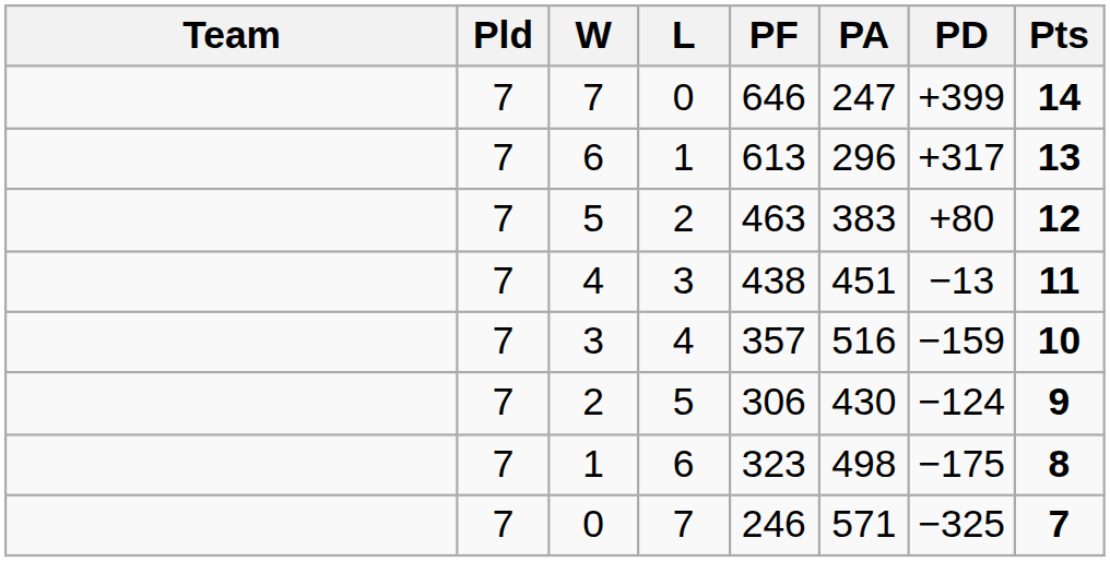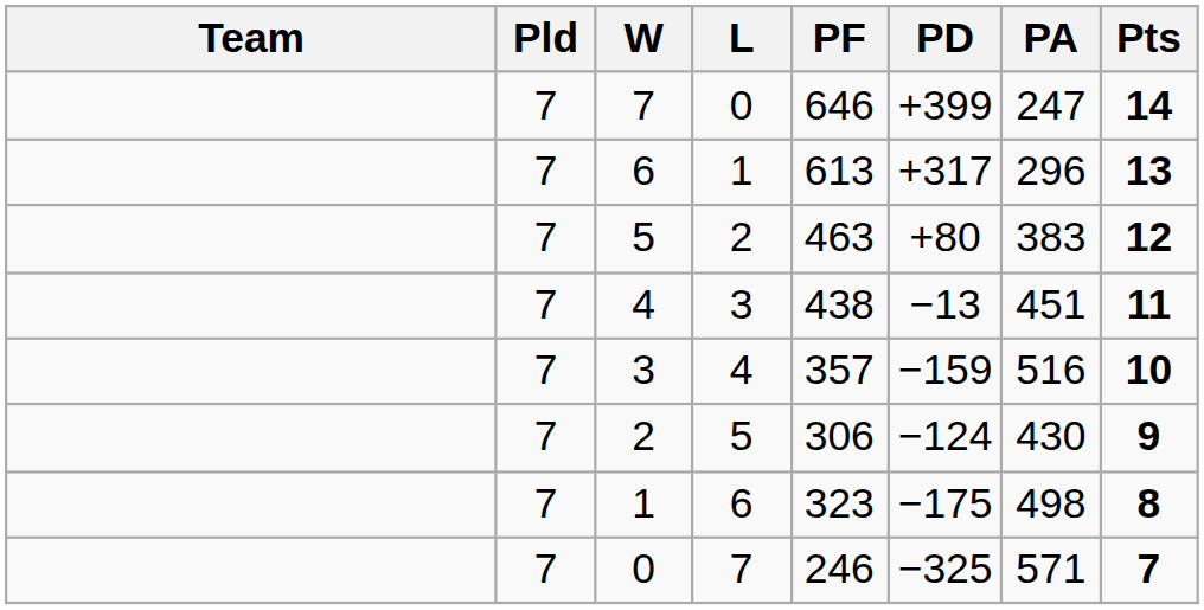 <table class="wikitable" style="text-align:center">
 <tr>
 <th width=180>Team</th>
 <th width=30>Pld</th>
 <th width=30>W</th>
 <th width=30>L</th>
 <th width=30>PF</th>
+<th width=30>PD</th>
 <th width=30>PA</th>
-<th width=30>PD</th>
 <th width=30>Pts</th>
 </tr>
 <tr>
 <td align="left"></td>
 <td>7</td>
 <td>7</td>
 <td>0</td>
 <td>646</td>
+<td>+399</td>
 <td>247</td>
-<td>+399</td>
 <td><strong>14</strong></td>
 </tr>
 <tr>
 <td align="left"></td>
 <td>7</td>
 <td>6</td>
 <td>1</td>
 <td>613</td>
+<td>+317</td>
 <td>296</td>
-<td>+317</td>
 <td><strong>13</strong></td>
 </tr>
 <tr>
 <td align="left"></td>
 <td>7</td>
 <td>5</td>
 <td>2</td>
 <td>463</td>
+<td>+80</td>
 <td>383</td>
-<td>+80</td>
 <td><strong>12</strong></td>
 </tr>
 <tr>
 <td align="left"></td>
 <td>7</td>
 <td>4</td>
 <td>3</td>
 <td>438</td>
+<td>−13</td>
 <td>451</td>
-<td>−13</td>
 <td><strong>11</strong></td>
 </tr>
 <tr>
 <td align="left"></td>
 <td>7</td>
 <td>3</td>
 <td>4</td>
 <td>357</td>
+<td>−159</td>
 <td>516</td>
-<td>−159</td>
 <td><strong>10</strong></td>
 </tr>
 <tr>
 <td align="left"></td>
 <td>7</td>
 <td>2</td>
 <td>5</td>
 <td>306</td>
+<td>−124</td>
 <td>430</td>
-<td>−124</td>
 <td><strong>9</strong></td>
 </tr>
 <tr>
 <td align="left"></td>
 <td>7</td>
 <td>1</td>
 <td>6</td>
 <td>323</td>
+<td>−175</td>
 <td>498</td>
-<td>−175</td>
 <td><strong>8</strong></td>
 </tr>
 <tr>
 <td align="left"></td>
 <td>7</td>
 <td>0</td>
 <td>7</td>
 <td>246</td>
+<td>−325</td>
 <td>571</td>
-<td>−325</td>
 <td><strong>7</strong></td>
 </tr>
 </table>
